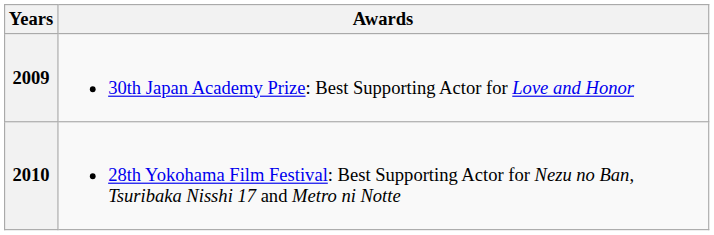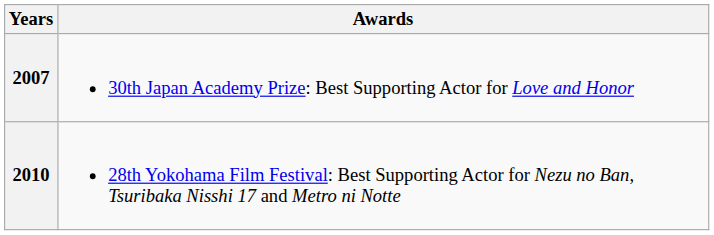 <table class="wikitable">
 <tr>
 <th>Years</th>
 <th>Awards</th>
 </tr>
 <tr>
-<th>2009</th>
+<th>2007</th>
 <td><br><ul><li><a href='#'>30th Japan Academy Prize</a>: Best Supporting Actor for <em><a href='#'>Love and Honor</a></em></li></ul></td>
 </tr>
 <tr>
 <th>2010</th>
 <td><br><ul><li><a href='#'>28th Yokohama Film Festival</a>: Best Supporting Actor for <em>Nezu no Ban</em>, <em>Tsuribaka Nisshi 17</em> and <em>Metro ni Notte</em></li></ul></td>
 </tr>
 </table>
